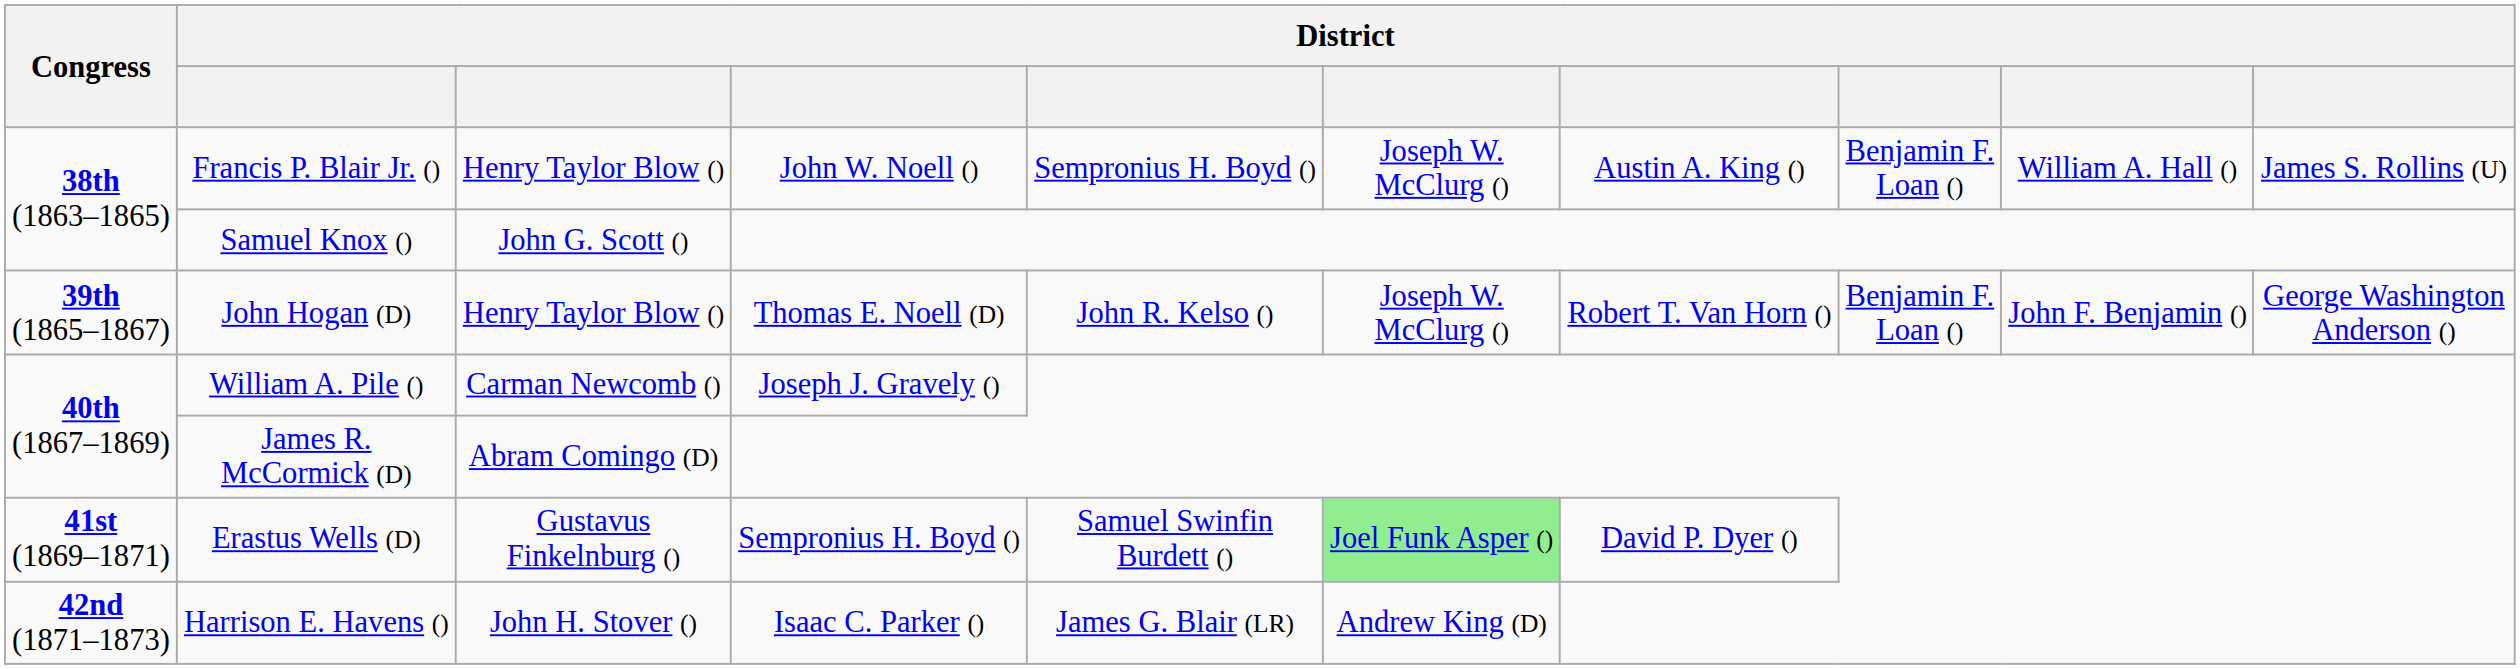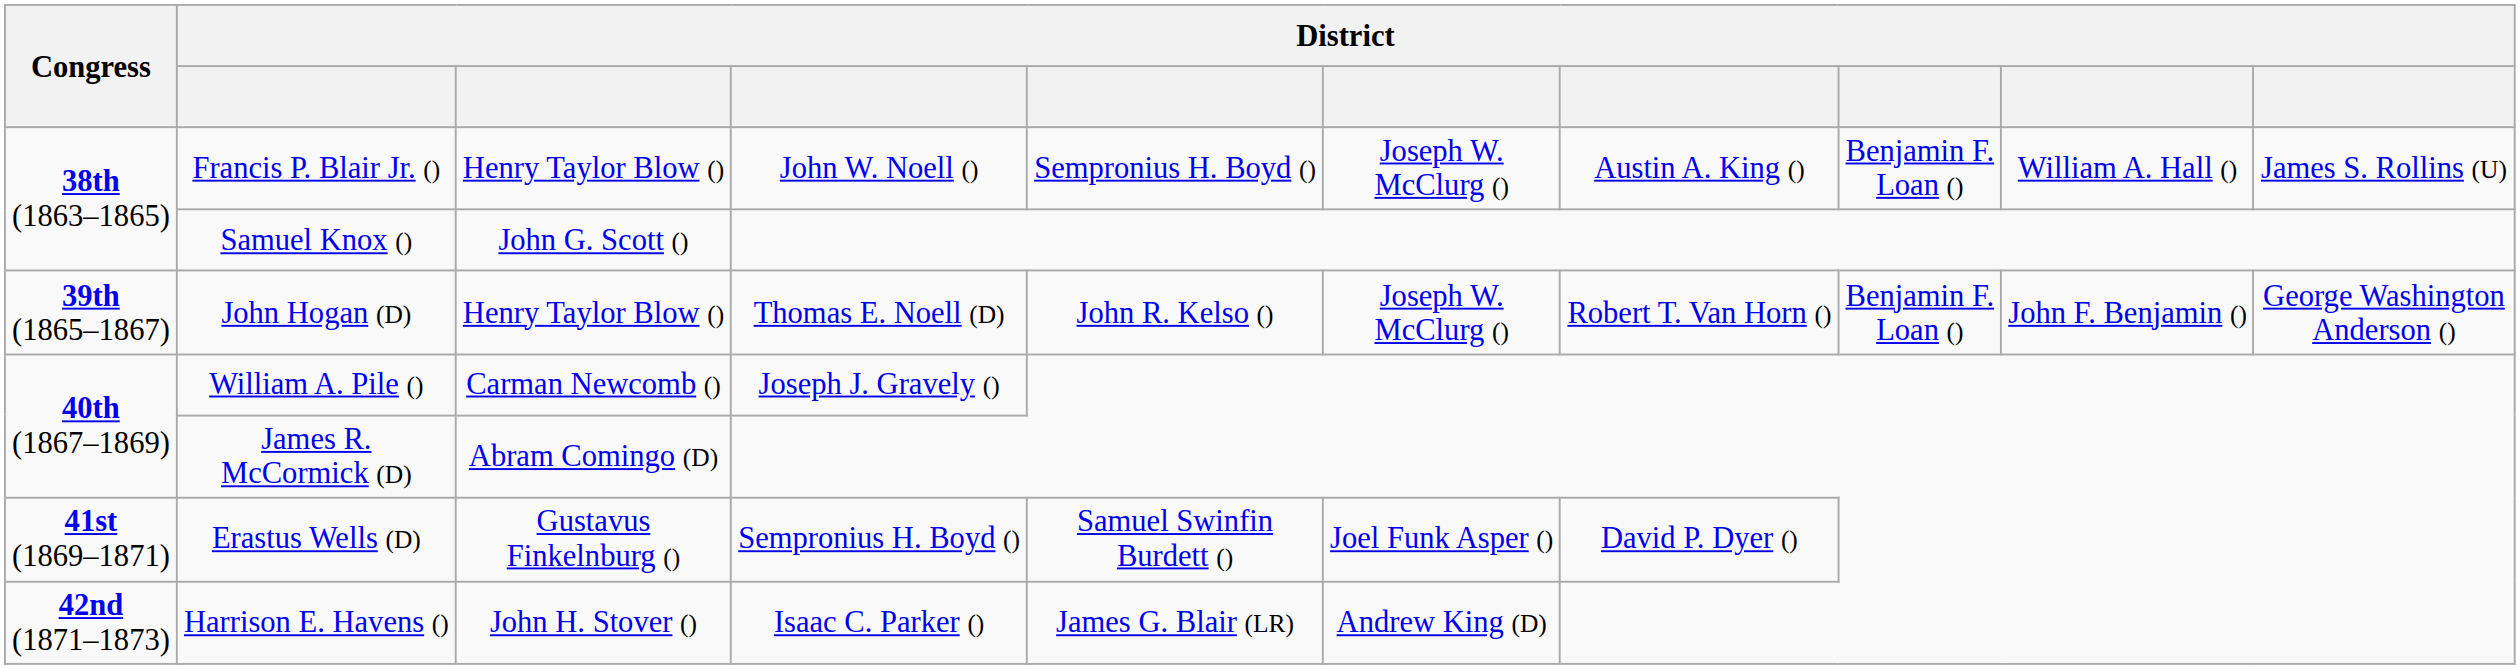 <table class=wikitable style="text-align:center">
 <tr style="height:2em">
 <th rowspan=2>Cong­ress</th>
 <th colspan=9>District</th>
 </tr>
 <tr style="height:2em">
 <th></th>
 <th></th>
 <th></th>
 <th></th>
 <th></th>
 <th></th>
 <th></th>
 <th></th>
 <th></th>
 </tr>
 <tr style="height:2em">
 <td rowspan=2><strong><a href='#'>38th</a></strong><br>(1863–1865)</td>
 <td><a href='#'>Francis P. Blair Jr.</a> <small>()</small></td>
 <td><a href='#'>Henry Taylor Blow</a> <small>()</small></td>
 <td><a href='#'>John W. Noell</a> <small>()</small></td>
 <td><a href='#'>Sempronius H. Boyd</a> <small>()</small></td>
 <td><a href='#'>Joseph W.<br>McClurg</a> <small>()</small></td>
 <td><a href='#'>Austin A. King</a> <small>()</small></td>
 <td><a href='#'>Benjamin F.<br>Loan</a> <small>()</small></td>
 <td><a href='#'>William A. Hall</a> <small>()</small></td>
 <td><a href='#'>James S. Rollins</a> <small>(U)</small></td>
 </tr>
 <tr style="height:2em">
 <td><a href='#'>Samuel Knox</a> <small>()</small></td>
 <td><a href='#'>John G. Scott</a> <small>()</small></td>
 </tr>
 <tr style="height:2em">
 <td><strong><a href='#'>39th</a></strong><br>(1865–1867)</td>
 <td><a href='#'>John Hogan</a> <small>(D)</small></td>
 <td><a href='#'>Henry Taylor Blow</a> <small>()</small></td>
 <td><a href='#'>Thomas E. Noell</a> <small>(D)</small></td>
 <td><a href='#'>John R. Kelso</a> <small>()</small></td>
 <td><a href='#'>Joseph W.<br>McClurg</a> <small>()</small></td>
 <td><a href='#'>Robert T. Van Horn</a> <small>()</small></td>
 <td><a href='#'>Benjamin F.<br>Loan</a> <small>()</small></td>
 <td><a href='#'>John F. Benjamin</a> <small>()</small></td>
 <td><a href='#'>George Washington<br>Anderson</a> <small>()</small></td>
 </tr>
 <tr style="height:2em">
 <td rowspan=2><strong><a href='#'>40th</a></strong><br>(1867–1869)</td>
 <td><a href='#'>William A. Pile</a> <small>()</small></td>
 <td><a href='#'>Carman Newcomb</a> <small>()</small></td>
 <td><a href='#'>Joseph J. Gravely</a> <small>()</small></td>
 </tr>
 <tr style="height:2em">
 <td><a href='#'>James R.<br>McCormick</a> <small>(D)</small></td>
 <td><a href='#'>Abram Comingo</a> <small>(D)</small></td>
 </tr>
 <tr style="height:2em">
 <td><strong><a href='#'>41st</a></strong><br>(1869–1871)</td>
 <td><a href='#'>Erastus Wells</a> <small>(D)</small></td>
 <td><a href='#'>Gustavus<br>Finkelnburg</a> <small>()</small></td>
 <td><a href='#'>Sempronius H. Boyd</a> <small>()</small></td>
 <td><a href='#'>Samuel Swinfin<br>Burdett</a> <small>()</small></td>
-<td style="background: lightgreen;"><a href='#'>Joel Funk Asper</a> <small>()</small></td>
+<td><a href='#'>Joel Funk Asper</a> <small>()</small></td>
 <td><a href='#'>David P. Dyer</a> <small>()</small></td>
 </tr>
 <tr style="height:2em">
 <td><strong><a href='#'>42nd</a></strong><br>(1871–1873)</td>
 <td><a href='#'>Harrison E. Havens</a> <small>()</small></td>
 <td><a href='#'>John H. Stover</a> <small>()</small></td>
 <td><a href='#'>Isaac C. Parker</a> <small>()</small></td>
 <td><a href='#'>James G. Blair</a> <small>(LR)</small></td>
 <td><a href='#'>Andrew King</a> <small>(D)</small></td>
 </tr>
 </table>
